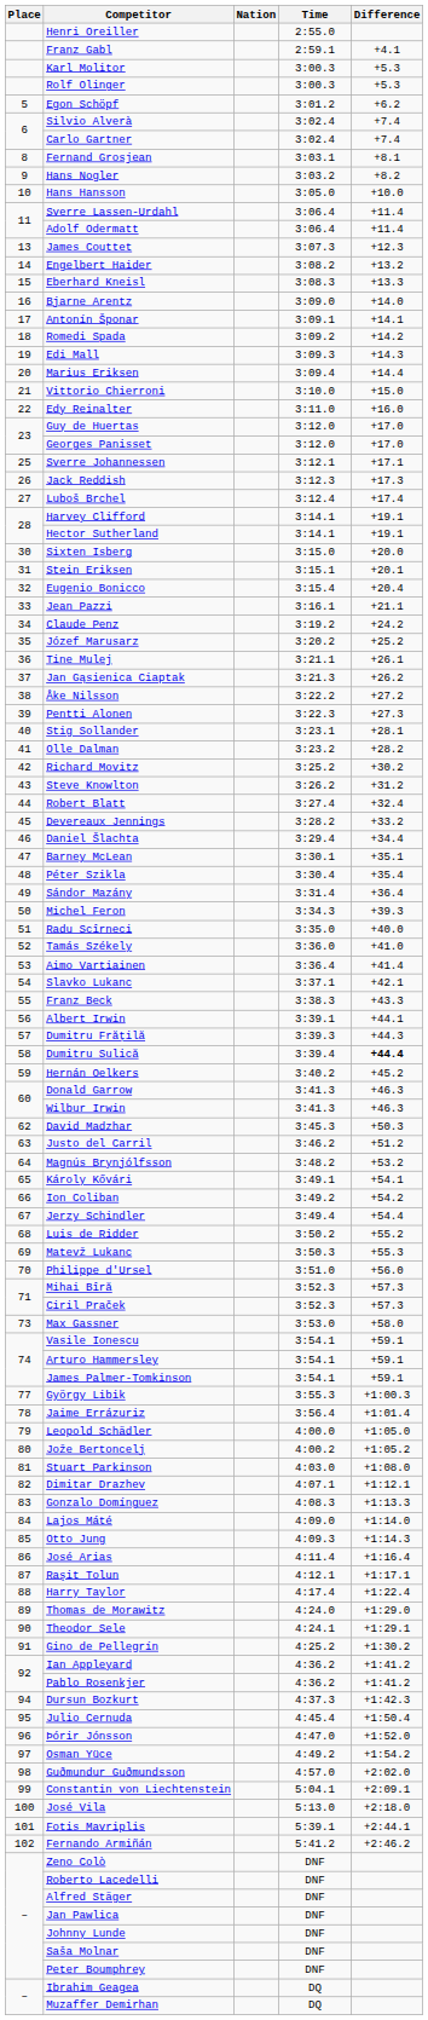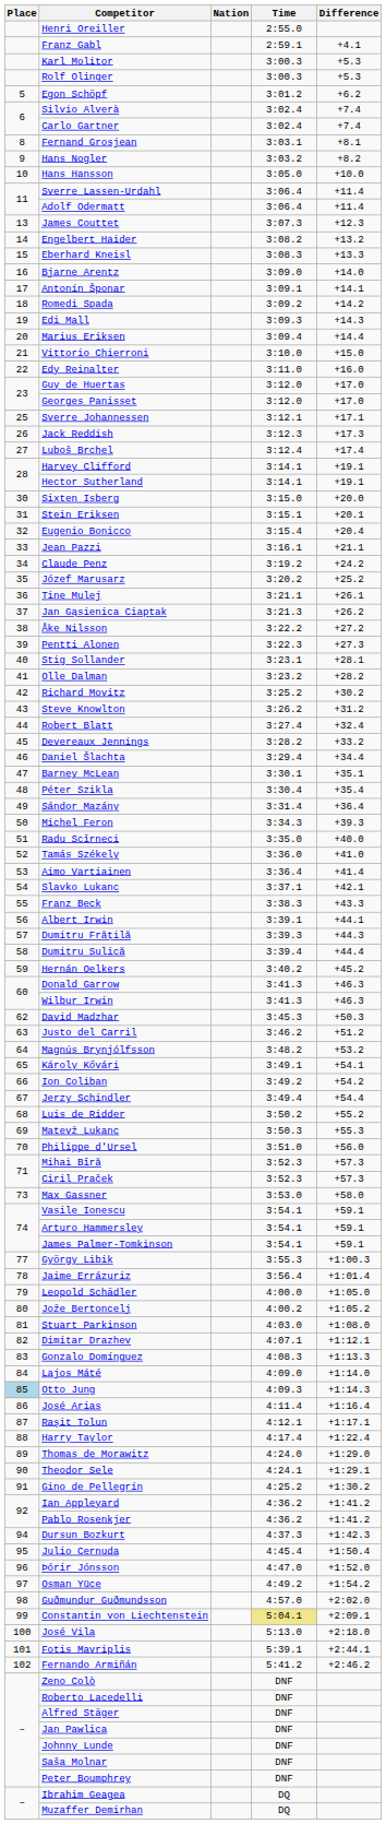 <table class="wikitable sortable"    style="text-align:center">
 <tr>
 <th>Place</th>
 <th>Competitor</th>
 <th>Nation</th>
 <th width=80>Time</th>
 <th>Difference</th>
 </tr>
 <tr>
 <td></td>
 <td align=left><a href='#'>Henri Oreiller</a></td>
 <td align=left></td>
 <td>2:55.0</td>
 <td></td>
 </tr>
 <tr>
 <td></td>
 <td align=left><a href='#'>Franz Gabl</a></td>
 <td align=left></td>
 <td>2:59.1</td>
 <td>+4.1</td>
 </tr>
 <tr>
 <td></td>
 <td align=left><a href='#'>Karl Molitor</a></td>
 <td align=left></td>
 <td>3:00.3</td>
 <td>+5.3</td>
 </tr>
 <tr>
 <td></td>
 <td align=left><a href='#'>Rolf Olinger</a></td>
 <td align=left></td>
 <td>3:00.3</td>
 <td>+5.3</td>
 </tr>
 <tr>
 <td>5</td>
 <td align=left><a href='#'>Egon Schöpf</a></td>
 <td align=left></td>
 <td>3:01.2</td>
 <td>+6.2</td>
 </tr>
 <tr>
 <td rowspan=2>6</td>
 <td align=left><a href='#'>Silvio Alverà</a></td>
 <td align=left></td>
 <td>3:02.4</td>
 <td>+7.4</td>
 </tr>
 <tr>
 <td align=left><a href='#'>Carlo Gartner</a></td>
 <td align=left></td>
 <td>3:02.4</td>
 <td>+7.4</td>
 </tr>
 <tr>
 <td>8</td>
 <td align=left><a href='#'>Fernand Grosjean</a></td>
 <td align=left></td>
 <td>3:03.1</td>
 <td>+8.1</td>
 </tr>
 <tr>
 <td>9</td>
 <td align=left><a href='#'>Hans Nogler</a></td>
 <td align=left></td>
 <td>3:03.2</td>
 <td>+8.2</td>
 </tr>
 <tr>
 <td>10</td>
 <td align=left><a href='#'>Hans Hansson</a></td>
 <td align=left></td>
 <td>3:05.0</td>
 <td>+10.0</td>
 </tr>
 <tr>
 <td rowspan=2>11</td>
 <td align=left><a href='#'>Sverre Lassen-Urdahl</a></td>
 <td align=left></td>
 <td>3:06.4</td>
 <td>+11.4</td>
 </tr>
 <tr>
 <td align=left><a href='#'>Adolf Odermatt</a></td>
 <td align=left></td>
 <td>3:06.4</td>
 <td>+11.4</td>
 </tr>
 <tr>
 <td>13</td>
 <td align=left><a href='#'>James Couttet</a></td>
 <td align=left></td>
 <td>3:07.3</td>
 <td>+12.3</td>
 </tr>
 <tr>
 <td>14</td>
 <td align=left><a href='#'>Engelbert Haider</a></td>
 <td align=left></td>
 <td>3:08.2</td>
 <td>+13.2</td>
 </tr>
 <tr>
 <td>15</td>
 <td align=left><a href='#'>Eberhard Kneisl</a></td>
 <td align=left></td>
 <td>3:08.3</td>
 <td>+13.3</td>
 </tr>
 <tr>
 <td>16</td>
 <td align=left><a href='#'>Bjarne Arentz</a></td>
 <td align=left></td>
 <td>3:09.0</td>
 <td>+14.0</td>
 </tr>
 <tr>
 <td>17</td>
 <td align=left><a href='#'>Antonín Šponar</a></td>
 <td align=left></td>
 <td>3:09.1</td>
 <td>+14.1</td>
 </tr>
 <tr>
 <td>18</td>
 <td align=left><a href='#'>Romedi Spada</a></td>
 <td align=left></td>
 <td>3:09.2</td>
 <td>+14.2</td>
 </tr>
 <tr>
 <td>19</td>
 <td align=left><a href='#'>Edi Mall</a></td>
 <td align=left></td>
 <td>3:09.3</td>
 <td>+14.3</td>
 </tr>
 <tr>
 <td>20</td>
 <td align=left><a href='#'>Marius Eriksen</a></td>
 <td align=left></td>
 <td>3:09.4</td>
 <td>+14.4</td>
 </tr>
 <tr>
 <td>21</td>
 <td align=left><a href='#'>Vittorio Chierroni</a></td>
 <td align=left></td>
 <td>3:10.0</td>
 <td>+15.0</td>
 </tr>
 <tr>
 <td>22</td>
 <td align=left><a href='#'>Edy Reinalter</a></td>
 <td align=left></td>
 <td>3:11.0</td>
 <td>+16.0</td>
 </tr>
 <tr>
 <td rowspan=2>23</td>
 <td align=left><a href='#'>Guy de Huertas</a></td>
 <td align=left></td>
 <td>3:12.0</td>
 <td>+17.0</td>
 </tr>
 <tr>
 <td align=left><a href='#'>Georges Panisset</a></td>
 <td align=left></td>
 <td>3:12.0</td>
 <td>+17.0</td>
 </tr>
 <tr>
 <td>25</td>
 <td align=left><a href='#'>Sverre Johannessen</a></td>
 <td align=left></td>
 <td>3:12.1</td>
 <td>+17.1</td>
 </tr>
 <tr>
 <td>26</td>
 <td align=left><a href='#'>Jack Reddish</a></td>
 <td align=left></td>
 <td>3:12.3</td>
 <td>+17.3</td>
 </tr>
 <tr>
 <td>27</td>
 <td align=left><a href='#'>Luboš Brchel</a></td>
 <td align=left></td>
 <td>3:12.4</td>
 <td>+17.4</td>
 </tr>
 <tr>
 <td rowspan=2>28</td>
 <td align=left><a href='#'>Harvey Clifford</a></td>
 <td align=left></td>
 <td>3:14.1</td>
 <td>+19.1</td>
 </tr>
 <tr>
 <td align=left><a href='#'>Hector Sutherland</a></td>
 <td align=left></td>
 <td>3:14.1</td>
 <td>+19.1</td>
 </tr>
 <tr>
 <td>30</td>
 <td align=left><a href='#'>Sixten Isberg</a></td>
 <td align=left></td>
 <td>3:15.0</td>
 <td>+20.0</td>
 </tr>
 <tr>
 <td>31</td>
 <td align=left><a href='#'>Stein Eriksen</a></td>
 <td align=left></td>
 <td>3:15.1</td>
 <td>+20.1</td>
 </tr>
 <tr>
 <td>32</td>
 <td align=left><a href='#'>Eugenio Bonicco</a></td>
 <td align=left></td>
 <td>3:15.4</td>
 <td>+20.4</td>
 </tr>
 <tr>
 <td>33</td>
 <td align=left><a href='#'>Jean Pazzi</a></td>
 <td align=left></td>
 <td>3:16.1</td>
 <td>+21.1</td>
 </tr>
 <tr>
 <td>34</td>
 <td align=left><a href='#'>Claude Penz</a></td>
 <td align=left></td>
 <td>3:19.2</td>
 <td>+24.2</td>
 </tr>
 <tr>
 <td>35</td>
 <td align=left><a href='#'>Józef Marusarz</a></td>
 <td align=left></td>
 <td>3:20.2</td>
 <td>+25.2</td>
 </tr>
 <tr>
 <td>36</td>
 <td align=left><a href='#'>Tine Mulej</a></td>
 <td align=left></td>
 <td>3:21.1</td>
 <td>+26.1</td>
 </tr>
 <tr>
 <td>37</td>
 <td align=left><a href='#'>Jan Gąsienica Ciaptak</a></td>
 <td align=left></td>
 <td>3:21.3</td>
 <td>+26.2</td>
 </tr>
 <tr>
 <td>38</td>
 <td align=left><a href='#'>Åke Nilsson</a></td>
 <td align=left></td>
 <td>3:22.2</td>
 <td>+27.2</td>
 </tr>
 <tr>
 <td>39</td>
 <td align=left><a href='#'>Pentti Alonen</a></td>
 <td align=left></td>
 <td>3:22.3</td>
 <td>+27.3</td>
 </tr>
 <tr>
 <td>40</td>
 <td align=left><a href='#'>Stig Sollander</a></td>
 <td align=left></td>
 <td>3:23.1</td>
 <td>+28.1</td>
 </tr>
 <tr>
 <td>41</td>
 <td align=left><a href='#'>Olle Dalman</a></td>
 <td align=left></td>
 <td>3:23.2</td>
 <td>+28.2</td>
 </tr>
 <tr>
 <td>42</td>
 <td align=left><a href='#'>Richard Movitz</a></td>
 <td align=left></td>
 <td>3:25.2</td>
 <td>+30.2</td>
 </tr>
 <tr>
 <td>43</td>
 <td align=left><a href='#'>Steve Knowlton</a></td>
 <td align=left></td>
 <td>3:26.2</td>
 <td>+31.2</td>
 </tr>
 <tr>
 <td>44</td>
 <td align=left><a href='#'>Robert Blatt</a></td>
 <td align=left></td>
 <td>3:27.4</td>
 <td>+32.4</td>
 </tr>
 <tr>
 <td>45</td>
 <td align=left><a href='#'>Devereaux Jennings</a></td>
 <td align=left></td>
 <td>3:28.2</td>
 <td>+33.2</td>
 </tr>
 <tr>
 <td>46</td>
 <td align=left><a href='#'>Daniel Šlachta</a></td>
 <td align=left></td>
 <td>3:29.4</td>
 <td>+34.4</td>
 </tr>
 <tr>
 <td>47</td>
 <td align=left><a href='#'>Barney McLean</a></td>
 <td align=left></td>
 <td>3:30.1</td>
 <td>+35.1</td>
 </tr>
 <tr>
 <td>48</td>
 <td align=left><a href='#'>Péter Szikla</a></td>
 <td align=left></td>
 <td>3:30.4</td>
 <td>+35.4</td>
 </tr>
 <tr>
 <td>49</td>
 <td align=left><a href='#'>Sándor Mazány</a></td>
 <td align=left></td>
 <td>3:31.4</td>
 <td>+36.4</td>
 </tr>
 <tr>
 <td>50</td>
 <td align=left><a href='#'>Michel Feron</a></td>
 <td align=left></td>
 <td>3:34.3</td>
 <td>+39.3</td>
 </tr>
 <tr>
 <td>51</td>
 <td align=left><a href='#'>Radu Scîrneci</a></td>
 <td align=left></td>
 <td>3:35.0</td>
 <td>+40.0</td>
 </tr>
 <tr>
 <td>52</td>
 <td align=left><a href='#'>Tamás Székely</a></td>
 <td align=left></td>
 <td>3:36.0</td>
 <td>+41.0</td>
 </tr>
 <tr>
 <td>53</td>
 <td align=left><a href='#'>Aimo Vartiainen</a></td>
 <td align=left></td>
 <td>3:36.4</td>
 <td>+41.4</td>
 </tr>
 <tr>
 <td>54</td>
 <td align=left><a href='#'>Slavko Lukanc</a></td>
 <td align=left></td>
 <td>3:37.1</td>
 <td>+42.1</td>
 </tr>
 <tr>
 <td>55</td>
 <td align=left><a href='#'>Franz Beck</a></td>
 <td align=left></td>
 <td>3:38.3</td>
 <td>+43.3</td>
 </tr>
 <tr>
 <td>56</td>
 <td align=left><a href='#'>Albert Irwin</a></td>
 <td align=left></td>
 <td>3:39.1</td>
 <td>+44.1</td>
 </tr>
 <tr>
 <td>57</td>
 <td align=left><a href='#'>Dumitru Frăţilă</a></td>
 <td align=left></td>
 <td>3:39.3</td>
 <td>+44.3</td>
 </tr>
 <tr>
 <td>58</td>
 <td align=left><a href='#'>Dumitru Sulică</a></td>
 <td align=left></td>
 <td>3:39.4</td>
-<td><strong>+44.4</strong></td>
+<td>+44.4</td>
 </tr>
 <tr>
 <td>59</td>
 <td align=left><a href='#'>Hernán Oelkers</a></td>
 <td align=left></td>
 <td>3:40.2</td>
 <td>+45.2</td>
 </tr>
 <tr>
 <td rowspan=2>60</td>
 <td align=left><a href='#'>Donald Garrow</a></td>
 <td align=left></td>
 <td>3:41.3</td>
 <td>+46.3</td>
 </tr>
 <tr>
 <td align=left><a href='#'>Wilbur Irwin</a></td>
 <td align=left></td>
 <td>3:41.3</td>
 <td>+46.3</td>
 </tr>
 <tr>
 <td>62</td>
 <td align=left><a href='#'>David Madzhar</a></td>
 <td align=left></td>
 <td>3:45.3</td>
 <td>+50.3</td>
 </tr>
 <tr>
 <td>63</td>
 <td align=left><a href='#'>Justo del Carril</a></td>
 <td align=left></td>
 <td>3:46.2</td>
 <td>+51.2</td>
 </tr>
 <tr>
 <td>64</td>
 <td align=left><a href='#'>Magnús Brynjólfsson</a></td>
 <td align=left></td>
 <td>3:48.2</td>
 <td>+53.2</td>
 </tr>
 <tr>
 <td>65</td>
 <td align=left><a href='#'>Károly Kővári</a></td>
 <td align=left></td>
 <td>3:49.1</td>
 <td>+54.1</td>
 </tr>
 <tr>
 <td>66</td>
 <td align=left><a href='#'>Ion Coliban</a></td>
 <td align=left></td>
 <td>3:49.2</td>
 <td>+54.2</td>
 </tr>
 <tr>
 <td>67</td>
 <td align=left><a href='#'>Jerzy Schindler</a></td>
 <td align=left></td>
 <td>3:49.4</td>
 <td>+54.4</td>
 </tr>
 <tr>
 <td>68</td>
 <td align=left><a href='#'>Luis de Ridder</a></td>
 <td align=left></td>
 <td>3:50.2</td>
 <td>+55.2</td>
 </tr>
 <tr>
 <td>69</td>
 <td align=left><a href='#'>Matevž Lukanc</a></td>
 <td align=left></td>
 <td>3:50.3</td>
 <td>+55.3</td>
 </tr>
 <tr>
 <td>70</td>
 <td align=left><a href='#'>Philippe d'Ursel</a></td>
 <td align=left></td>
 <td>3:51.0</td>
 <td>+56.0</td>
 </tr>
 <tr>
 <td rowspan=2>71</td>
 <td align=left><a href='#'>Mihai Bîră</a></td>
 <td align=left></td>
 <td>3:52.3</td>
 <td>+57.3</td>
 </tr>
 <tr>
 <td align=left><a href='#'>Ciril Praček</a></td>
 <td align=left></td>
 <td>3:52.3</td>
 <td>+57.3</td>
 </tr>
 <tr>
 <td>73</td>
 <td align=left><a href='#'>Max Gassner</a></td>
 <td align=left></td>
 <td>3:53.0</td>
 <td>+58.0</td>
 </tr>
 <tr>
 <td rowspan=3>74</td>
 <td align=left><a href='#'>Vasile Ionescu</a></td>
 <td align=left></td>
 <td>3:54.1</td>
 <td>+59.1</td>
 </tr>
 <tr>
 <td align=left><a href='#'>Arturo Hammersley</a></td>
 <td align=left></td>
 <td>3:54.1</td>
 <td>+59.1</td>
 </tr>
 <tr>
 <td align=left><a href='#'>James Palmer-Tomkinson</a></td>
 <td align=left></td>
 <td>3:54.1</td>
 <td>+59.1</td>
 </tr>
 <tr>
 <td>77</td>
 <td align=left><a href='#'>György Libik</a></td>
 <td align=left></td>
 <td>3:55.3</td>
 <td>+1:00.3</td>
 </tr>
 <tr>
 <td>78</td>
 <td align=left><a href='#'>Jaime Errázuriz</a></td>
 <td align=left></td>
 <td>3:56.4</td>
 <td>+1:01.4</td>
 </tr>
 <tr>
 <td>79</td>
 <td align=left><a href='#'>Leopold Schädler</a></td>
 <td align=left></td>
 <td>4:00.0</td>
 <td>+1:05.0</td>
 </tr>
 <tr>
 <td>80</td>
 <td align=left><a href='#'>Jože Bertoncelj</a></td>
 <td align=left></td>
 <td>4:00.2</td>
 <td>+1:05.2</td>
 </tr>
 <tr>
 <td>81</td>
 <td align=left><a href='#'>Stuart Parkinson</a></td>
 <td align=left></td>
 <td>4:03.0</td>
 <td>+1:08.0</td>
 </tr>
 <tr>
 <td>82</td>
 <td align=left><a href='#'>Dimitar Drazhev</a></td>
 <td align=left></td>
 <td>4:07.1</td>
 <td>+1:12.1</td>
 </tr>
 <tr>
 <td>83</td>
 <td align=left><a href='#'>Gonzalo Domínguez</a></td>
 <td align=left></td>
 <td>4:08.3</td>
 <td>+1:13.3</td>
 </tr>
 <tr>
 <td>84</td>
 <td align=left><a href='#'>Lajos Máté</a></td>
 <td align=left></td>
 <td>4:09.0</td>
 <td>+1:14.0</td>
 </tr>
 <tr>
-<td>85</td>
+<td style="background: lightblue;">85</td>
 <td align=left><a href='#'>Otto Jung</a></td>
 <td align=left></td>
 <td>4:09.3</td>
 <td>+1:14.3</td>
 </tr>
 <tr>
 <td>86</td>
 <td align=left><a href='#'>José Arias</a></td>
 <td align=left></td>
 <td>4:11.4</td>
 <td>+1:16.4</td>
 </tr>
 <tr>
 <td>87</td>
 <td align=left><a href='#'>Raşit Tolun</a></td>
 <td align=left></td>
 <td>4:12.1</td>
 <td>+1:17.1</td>
 </tr>
 <tr>
 <td>88</td>
 <td align=left><a href='#'>Harry Taylor</a></td>
 <td align=left></td>
 <td>4:17.4</td>
 <td>+1:22.4</td>
 </tr>
 <tr>
 <td>89</td>
 <td align=left><a href='#'>Thomas de Morawitz</a></td>
 <td align=left></td>
 <td>4:24.0</td>
 <td>+1:29.0</td>
 </tr>
 <tr>
 <td>90</td>
 <td align=left><a href='#'>Theodor Sele</a></td>
 <td align=left></td>
 <td>4:24.1</td>
 <td>+1:29.1</td>
 </tr>
 <tr>
 <td>91</td>
 <td align=left><a href='#'>Gino de Pellegrín</a></td>
 <td align=left></td>
 <td>4:25.2</td>
 <td>+1:30.2</td>
 </tr>
 <tr>
 <td rowspan=2>92</td>
 <td align=left><a href='#'>Ian Appleyard</a></td>
 <td align=left></td>
 <td>4:36.2</td>
 <td>+1:41.2</td>
 </tr>
 <tr>
 <td align=left><a href='#'>Pablo Rosenkjer</a></td>
 <td align=left></td>
 <td>4:36.2</td>
 <td>+1:41.2</td>
 </tr>
 <tr>
 <td>94</td>
 <td align=left><a href='#'>Dursun Bozkurt</a></td>
 <td align=left></td>
 <td>4:37.3</td>
 <td>+1:42.3</td>
 </tr>
 <tr>
 <td>95</td>
 <td align=left><a href='#'>Julio Cernuda</a></td>
 <td align=left></td>
 <td>4:45.4</td>
 <td>+1:50.4</td>
 </tr>
 <tr>
 <td>96</td>
 <td align=left><a href='#'>Þórir Jónsson</a></td>
 <td align=left></td>
 <td>4:47.0</td>
 <td>+1:52.0</td>
 </tr>
 <tr>
 <td>97</td>
 <td align=left><a href='#'>Osman Yüce</a></td>
 <td align=left></td>
 <td>4:49.2</td>
 <td>+1:54.2</td>
 </tr>
 <tr>
 <td>98</td>
 <td align=left><a href='#'>Guðmundur Guðmundsson</a></td>
 <td align=left></td>
 <td>4:57.0</td>
 <td>+2:02.0</td>
 </tr>
 <tr>
 <td>99</td>
 <td align=left><a href='#'>Constantin von Liechtenstein</a></td>
 <td align=left></td>
-<td>5:04.1</td>
+<td style="background: khaki;">5:04.1</td>
 <td>+2:09.1</td>
 </tr>
 <tr>
 <td>100</td>
 <td align=left><a href='#'>José Vila</a></td>
 <td align=left></td>
 <td>5:13.0</td>
 <td>+2:18.0</td>
 </tr>
 <tr>
 <td>101</td>
 <td align=left><a href='#'>Fotis Mavriplis</a></td>
 <td align=left></td>
 <td>5:39.1</td>
 <td>+2:44.1</td>
 </tr>
 <tr>
 <td>102</td>
 <td align=left><a href='#'>Fernando Armiñán</a></td>
 <td align=left></td>
 <td>5:41.2</td>
 <td>+2:46.2</td>
 </tr>
 <tr>
 <td rowspan=7>–</td>
 <td align=left><a href='#'>Zeno Colò</a></td>
 <td align=left></td>
 <td>DNF</td>
 <td></td>
 </tr>
 <tr>
 <td align=left><a href='#'>Roberto Lacedelli</a></td>
 <td align=left></td>
 <td>DNF</td>
 <td></td>
 </tr>
 <tr>
 <td align=left><a href='#'>Alfred Stäger</a></td>
 <td align=left></td>
 <td>DNF</td>
 <td></td>
 </tr>
 <tr>
 <td align=left><a href='#'>Jan Pawlica</a></td>
 <td align=left></td>
 <td>DNF</td>
 <td></td>
 </tr>
 <tr>
 <td align=left><a href='#'>Johnny Lunde</a></td>
 <td align=left></td>
 <td>DNF</td>
 <td></td>
 </tr>
 <tr>
 <td align=left><a href='#'>Saša Molnar</a></td>
 <td align=left></td>
 <td>DNF</td>
 <td></td>
 </tr>
 <tr>
 <td align=left><a href='#'>Peter Boumphrey</a></td>
 <td align=left></td>
 <td>DNF</td>
 <td></td>
 </tr>
 <tr>
 <td rowspan=2>–</td>
 <td align=left><a href='#'>Ibrahim Geagea</a></td>
 <td align=left></td>
 <td>DQ</td>
 <td></td>
 </tr>
 <tr>
 <td align=left><a href='#'>Muzaffer Demirhan</a></td>
 <td align=left></td>
 <td>DQ</td>
 <td></td>
 </tr>
 </table>
